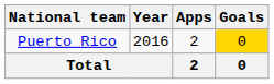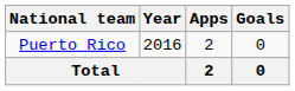 <table class="wikitable" style="text-align:center">
 <tr>
 <th>National team</th>
 <th>Year</th>
 <th>Apps</th>
 <th>Goals</th>
 </tr>
 <tr>
 <td rowspan="1"><a href='#'>Puerto Rico</a></td>
 <td>2016</td>
 <td>2</td>
-<td style="background: gold;">0</td>
+<td>0</td>
 </tr>
 <tr>
 <th colspan=2>Total</th>
 <th>2</th>
 <th>0</th>
 </tr>
 </table>
